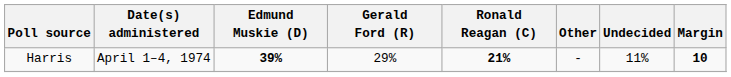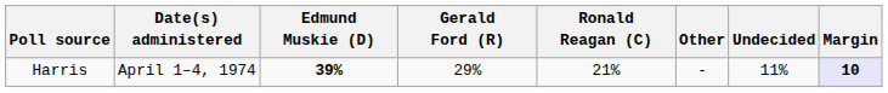 <table class="wikitable sortable" style="text-align:center;font-size:90%;line-height:17px">
 <tr valign= bottom>
 <th>Poll source</th>
 <th>Date(s)<br>administered</th>
 <th class="unsortable" style="width:100px;">Edmund<br>Muskie (D)</th>
 <th class="unsortable" style="width:100px;">Gerald<br>Ford (R)</th>
 <th class="unsortable" style="width:100px;">Ronald<br>Reagan (C)</th>
 <th class="unsortable">Other</th>
 <th class="unsortable">Undecided</th>
 <th>Margin</th>
 </tr>
 <tr>
 <td align="center">Harris</td>
 <td>April 1–4, 1974</td>
 <td><strong>39%</strong></td>
 <td align="center">29%</td>
-<td align="center"><strong>21%</strong></td>
+<td align="center">21%</td>
 <td align="center">-</td>
 <td align="center">11%</td>
-<td><strong>10</strong></td>
+<td style="background: lavender;"><strong>10</strong></td>
 </tr>
 <tr>
 </tr>
 </table>
